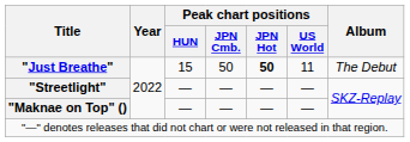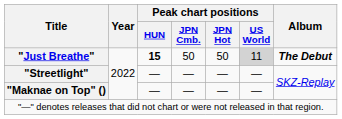 <table class="wikitable plainrowheaders" style="text-align:center;">
 <tr>
 <th scope="col" rowspan="2">Title</th>
 <th scope="col" rowspan="2">Year</th>
 <th scope="col" colspan="4">Peak chart positions</th>
 <th scope="col" rowspan="2">Album</th>
 </tr>
 <tr>
 <th scope="col" style="font-size:90%; width:3em"><a href='#'>HUN</a><br></th>
 <th scope="col" style="font-size:90%; width:3em"><a href='#'>JPN<br>Cmb.</a><br></th>
 <th scope="col" style="font-size:90%; width:3em"><a href='#'>JPN<br>Hot</a><br></th>
 <th scope="col" style="font-size:90%; width:3em"><a href='#'>US<br>World</a><br></th>
 </tr>
 <tr>
 <th scope="row">"<a href='#'>Just Breathe</a>"<br></th>
 <td rowspan="3">2022</td>
-<td>15</td>
+<td><strong>15</strong></td>
 <td>50</td>
-<td><strong>50</strong></td>
-<td>11</td>
-<td><em>The Debut</em></td>
+<td>50</td>
+<td style="background: lightgrey;">11</td>
+<td><strong><em>The Debut</em></strong></td>
 </tr>
 <tr>
 <th scope="row">"Streetlight"<br></th>
 <td>—</td>
 <td>—</td>
 <td>—</td>
 <td>—</td>
 <td rowspan="2"><em><a href='#'>SKZ-Replay</a></em></td>
 </tr>
 <tr>
 <th scope="row">"Maknae on Top" ()<br></th>
 <td>—</td>
 <td>—</td>
 <td>—</td>
 <td>—</td>
 </tr>
 <tr>
 <td colspan="7" style="font-size:85%">"—" denotes releases that did not chart or were not released in that region.</td>
 </tr>
 </table>
